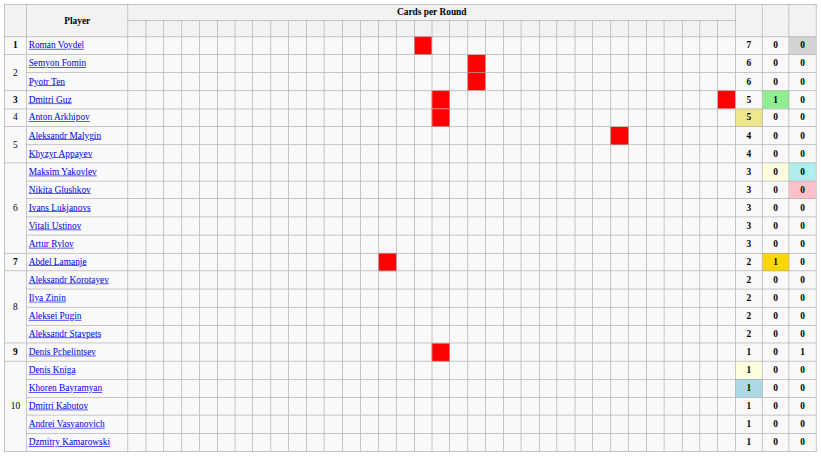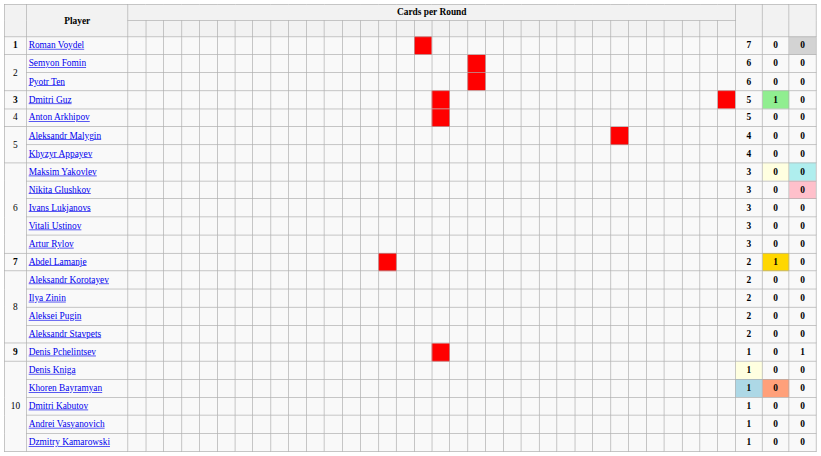 <table class="wikitable" style="text-align:center; line-height: 90%; font-size:90%;">
 <tr>
 <th rowspan=2 width=30></th>
 <th rowspan=2 width=165>Player</th>
 <th colspan=34 height=18>Cards per Round</th>
 <th rowspan=2 width=40></th>
 <th rowspan=2 width=40></th>
 <th rowspan=2 width=40></th>
 </tr>
 <tr>
 <th width=25 height=18></th>
 <th width=25></th>
 <th width=25></th>
 <th width=25></th>
 <th width=25></th>
 <th width=25></th>
 <th width=25></th>
 <th width=25></th>
 <th width=25></th>
 <th width=25></th>
 <th width=25></th>
 <th width=25></th>
 <th width=26></th>
 <th width=25></th>
 <th width=25></th>
 <th width=25></th>
 <th width=25></th>
 <th width=25></th>
 <th width=25></th>
 <th width=25></th>
 <th width=25></th>
 <th width=25></th>
 <th width=25></th>
 <th width=25></th>
 <th width=25></th>
 <th width=25></th>
 <th width=25></th>
 <th width=25></th>
 <th width=25></th>
 <th width=25></th>
 <th width=25></th>
 <th width=25></th>
 <th width=25></th>
 <th width=25></th>
 </tr>
 <tr>
 <td><strong>1</strong></td>
 <td align=left height=21> <a href='#'>Roman Voydel</a></td>
 <td></td>
 <td></td>
 <td></td>
 <td></td>
 <td></td>
 <td></td>
 <td></td>
 <td></td>
 <td></td>
 <td></td>
 <td></td>
 <td></td>
 <td></td>
 <td></td>
 <td></td>
 <td></td>
 <td bgcolor=#FF0000></td>
 <td></td>
 <td></td>
 <td></td>
 <td></td>
 <td></td>
 <td></td>
 <td></td>
 <td></td>
 <td></td>
 <td></td>
 <td></td>
 <td></td>
 <td></td>
 <td></td>
 <td></td>
 <td></td>
 <td></td>
 <td><strong>7</strong></td>
 <td><strong>0</strong></td>
 <td style="background: lightgrey;"><strong>0</strong></td>
 </tr>
 <tr>
 <td rowspan=2>2</td>
 <td align=left height=21> <a href='#'>Semyon Fomin</a></td>
 <td></td>
 <td></td>
 <td></td>
 <td></td>
 <td></td>
 <td></td>
 <td></td>
 <td></td>
 <td></td>
 <td></td>
 <td></td>
 <td></td>
 <td></td>
 <td></td>
 <td></td>
 <td></td>
 <td></td>
 <td></td>
 <td></td>
 <td bgcolor=#FF0000></td>
 <td></td>
 <td></td>
 <td></td>
 <td></td>
 <td></td>
 <td></td>
 <td></td>
 <td></td>
 <td></td>
 <td></td>
 <td></td>
 <td></td>
 <td></td>
 <td></td>
 <td><strong>6</strong></td>
 <td><strong>0</strong></td>
 <td><strong>0</strong></td>
 </tr>
 <tr>
 <td align=left height=21> <a href='#'>Pyotr Ten</a></td>
 <td></td>
 <td></td>
 <td></td>
 <td></td>
 <td></td>
 <td></td>
 <td></td>
 <td></td>
 <td></td>
 <td></td>
 <td></td>
 <td></td>
 <td></td>
 <td></td>
 <td></td>
 <td></td>
 <td></td>
 <td></td>
 <td></td>
 <td bgcolor=#FF0000></td>
 <td></td>
 <td></td>
 <td></td>
 <td></td>
 <td></td>
 <td></td>
 <td></td>
 <td></td>
 <td></td>
 <td></td>
 <td></td>
 <td></td>
 <td></td>
 <td></td>
 <td><strong>6</strong></td>
 <td><strong>0</strong></td>
 <td><strong>0</strong></td>
 </tr>
 <tr>
 <td><strong>3</strong></td>
 <td align=left height=21> <a href='#'>Dmitri Guz</a></td>
 <td></td>
 <td></td>
 <td></td>
 <td></td>
 <td></td>
 <td></td>
 <td></td>
 <td></td>
 <td></td>
 <td></td>
 <td></td>
 <td></td>
 <td></td>
 <td></td>
 <td></td>
 <td></td>
 <td></td>
 <td bgcolor=#FF0000></td>
 <td></td>
 <td></td>
 <td></td>
 <td></td>
 <td></td>
 <td></td>
 <td></td>
 <td></td>
 <td></td>
 <td></td>
 <td></td>
 <td></td>
 <td></td>
 <td></td>
 <td></td>
 <td bgcolor=#FF0000></td>
 <td><strong>5</strong></td>
 <td style="background: lightgreen;"><strong>1</strong></td>
 <td><strong>0</strong></td>
 </tr>
 <tr>
 <td>4</td>
 <td align=left height=21> <a href='#'>Anton Arkhipov</a></td>
 <td></td>
 <td></td>
 <td></td>
 <td></td>
 <td></td>
 <td></td>
 <td></td>
 <td></td>
 <td></td>
 <td></td>
 <td></td>
 <td></td>
 <td></td>
 <td></td>
 <td></td>
 <td></td>
 <td></td>
 <td bgcolor=#FF0000></td>
 <td></td>
 <td></td>
 <td></td>
 <td></td>
 <td></td>
 <td></td>
 <td></td>
 <td></td>
 <td></td>
 <td></td>
 <td></td>
 <td></td>
 <td></td>
 <td></td>
 <td></td>
 <td></td>
-<td style="background: khaki;"><strong>5</strong></td>
+<td><strong>5</strong></td>
 <td><strong>0</strong></td>
 <td><strong>0</strong></td>
 </tr>
 <tr>
 <td rowspan=2>5</td>
 <td align=left height=21> <a href='#'>Aleksandr Malygin</a></td>
 <td></td>
 <td></td>
 <td></td>
 <td></td>
 <td></td>
 <td></td>
 <td></td>
 <td></td>
 <td></td>
 <td></td>
 <td></td>
 <td></td>
 <td></td>
 <td></td>
 <td></td>
 <td></td>
 <td></td>
 <td></td>
 <td></td>
 <td></td>
 <td></td>
 <td></td>
 <td></td>
 <td></td>
 <td></td>
 <td></td>
 <td></td>
 <td bgcolor=#FF0000></td>
 <td></td>
 <td></td>
 <td></td>
 <td></td>
 <td></td>
 <td></td>
 <td><strong>4</strong></td>
 <td><strong>0</strong></td>
 <td><strong>0</strong></td>
 </tr>
 <tr>
 <td align=left height=21> <a href='#'>Khyzyr Appayev</a></td>
 <td></td>
 <td></td>
 <td></td>
 <td></td>
 <td></td>
 <td></td>
 <td></td>
 <td></td>
 <td></td>
 <td></td>
 <td></td>
 <td></td>
 <td></td>
 <td></td>
 <td></td>
 <td></td>
 <td></td>
 <td></td>
 <td></td>
 <td></td>
 <td></td>
 <td></td>
 <td></td>
 <td></td>
 <td></td>
 <td></td>
 <td></td>
 <td></td>
 <td></td>
 <td></td>
 <td></td>
 <td></td>
 <td></td>
 <td></td>
 <td><strong>4</strong></td>
 <td><strong>0</strong></td>
 <td><strong>0</strong></td>
 </tr>
 <tr>
 <td rowspan=5>6</td>
 <td align=left height=21> <a href='#'>Maksim Yakovlev</a></td>
 <td></td>
 <td></td>
 <td></td>
 <td></td>
 <td></td>
 <td></td>
 <td></td>
 <td></td>
 <td></td>
 <td></td>
 <td></td>
 <td></td>
 <td></td>
 <td></td>
 <td></td>
 <td></td>
 <td></td>
 <td></td>
 <td></td>
 <td></td>
 <td></td>
 <td></td>
 <td></td>
 <td></td>
 <td></td>
 <td></td>
 <td></td>
 <td></td>
 <td></td>
 <td></td>
 <td></td>
 <td></td>
 <td></td>
 <td></td>
 <td><strong>3</strong></td>
 <td style="background: lightyellow;"><strong>0</strong></td>
 <td style="background: paleturquoise;"><strong>0</strong></td>
 </tr>
 <tr>
 <td align=left height=21> <a href='#'>Nikita Glushkov</a></td>
 <td></td>
 <td></td>
 <td></td>
 <td></td>
 <td></td>
 <td></td>
 <td></td>
 <td></td>
 <td></td>
 <td></td>
 <td></td>
 <td></td>
 <td></td>
 <td></td>
 <td></td>
 <td></td>
 <td></td>
 <td></td>
 <td></td>
 <td></td>
 <td></td>
 <td></td>
 <td></td>
 <td></td>
 <td></td>
 <td></td>
 <td></td>
 <td></td>
 <td></td>
 <td></td>
 <td></td>
 <td></td>
 <td></td>
 <td></td>
 <td><strong>3</strong></td>
 <td><strong>0</strong></td>
 <td style="background: pink;"><strong>0</strong></td>
 </tr>
 <tr>
 <td align=left height=21> <a href='#'>Ivans Lukjanovs</a></td>
 <td></td>
 <td></td>
 <td></td>
 <td></td>
 <td></td>
 <td></td>
 <td></td>
 <td></td>
 <td></td>
 <td></td>
 <td></td>
 <td></td>
 <td></td>
 <td></td>
 <td></td>
 <td></td>
 <td></td>
 <td></td>
 <td></td>
 <td></td>
 <td></td>
 <td></td>
 <td></td>
 <td></td>
 <td></td>
 <td></td>
 <td></td>
 <td></td>
 <td></td>
 <td></td>
 <td></td>
 <td></td>
 <td></td>
 <td></td>
 <td><strong>3</strong></td>
 <td><strong>0</strong></td>
 <td><strong>0</strong></td>
 </tr>
 <tr>
 <td align=left height=21> <a href='#'>Vitali Ustinov</a></td>
 <td></td>
 <td></td>
 <td></td>
 <td></td>
 <td></td>
 <td></td>
 <td></td>
 <td></td>
 <td></td>
 <td></td>
 <td></td>
 <td></td>
 <td></td>
 <td></td>
 <td></td>
 <td></td>
 <td></td>
 <td></td>
 <td></td>
 <td></td>
 <td></td>
 <td></td>
 <td></td>
 <td></td>
 <td></td>
 <td></td>
 <td></td>
 <td></td>
 <td></td>
 <td></td>
 <td></td>
 <td></td>
 <td></td>
 <td></td>
 <td><strong>3</strong></td>
 <td><strong>0</strong></td>
 <td><strong>0</strong></td>
 </tr>
 <tr>
 <td align=left height=21> <a href='#'>Artur Rylov</a></td>
 <td></td>
 <td></td>
 <td></td>
 <td></td>
 <td></td>
 <td></td>
 <td></td>
 <td></td>
 <td></td>
 <td></td>
 <td></td>
 <td></td>
 <td></td>
 <td></td>
 <td></td>
 <td></td>
 <td></td>
 <td></td>
 <td></td>
 <td></td>
 <td></td>
 <td></td>
 <td></td>
 <td></td>
 <td></td>
 <td></td>
 <td></td>
 <td></td>
 <td></td>
 <td></td>
 <td></td>
 <td></td>
 <td></td>
 <td></td>
 <td><strong>3</strong></td>
 <td><strong>0</strong></td>
 <td><strong>0</strong></td>
 </tr>
 <tr>
 <td><strong>7</strong></td>
 <td align=left height=21> <a href='#'>Abdel Lamanje</a></td>
 <td></td>
 <td></td>
 <td></td>
 <td></td>
 <td></td>
 <td></td>
 <td></td>
 <td></td>
 <td></td>
 <td></td>
 <td></td>
 <td></td>
 <td></td>
 <td></td>
 <td bgcolor=#FF0000></td>
 <td></td>
 <td></td>
 <td></td>
 <td></td>
 <td></td>
 <td></td>
 <td></td>
 <td></td>
 <td></td>
 <td></td>
 <td></td>
 <td></td>
 <td></td>
 <td></td>
 <td></td>
 <td></td>
 <td></td>
 <td></td>
 <td></td>
 <td><strong>2</strong></td>
 <td style="background: gold;"><strong>1</strong></td>
 <td><strong>0</strong></td>
 </tr>
 <tr>
 <td rowspan=4>8</td>
 <td align=left height=21> <a href='#'>Aleksandr Korotayev</a></td>
 <td></td>
 <td></td>
 <td></td>
 <td></td>
 <td></td>
 <td></td>
 <td></td>
 <td></td>
 <td></td>
 <td></td>
 <td></td>
 <td></td>
 <td></td>
 <td></td>
 <td></td>
 <td></td>
 <td></td>
 <td></td>
 <td></td>
 <td></td>
 <td></td>
 <td></td>
 <td></td>
 <td></td>
 <td></td>
 <td></td>
 <td></td>
 <td></td>
 <td></td>
 <td></td>
 <td></td>
 <td></td>
 <td></td>
 <td></td>
 <td><strong>2</strong></td>
 <td><strong>0</strong></td>
 <td><strong>0</strong></td>
 </tr>
 <tr>
 <td align=left height=21> <a href='#'>Ilya Zinin</a></td>
 <td></td>
 <td></td>
 <td></td>
 <td></td>
 <td></td>
 <td></td>
 <td></td>
 <td></td>
 <td></td>
 <td></td>
 <td></td>
 <td></td>
 <td></td>
 <td></td>
 <td></td>
 <td></td>
 <td></td>
 <td></td>
 <td></td>
 <td></td>
 <td></td>
 <td></td>
 <td></td>
 <td></td>
 <td></td>
 <td></td>
 <td></td>
 <td></td>
 <td></td>
 <td></td>
 <td></td>
 <td></td>
 <td></td>
 <td></td>
 <td><strong>2</strong></td>
 <td><strong>0</strong></td>
 <td><strong>0</strong></td>
 </tr>
 <tr>
 <td align=left height=21> <a href='#'>Aleksei Pugin</a></td>
 <td></td>
 <td></td>
 <td></td>
 <td></td>
 <td></td>
 <td></td>
 <td></td>
 <td></td>
 <td></td>
 <td></td>
 <td></td>
 <td></td>
 <td></td>
 <td></td>
 <td></td>
 <td></td>
 <td></td>
 <td></td>
 <td></td>
 <td></td>
 <td></td>
 <td></td>
 <td></td>
 <td></td>
 <td></td>
 <td></td>
 <td></td>
 <td></td>
 <td></td>
 <td></td>
 <td></td>
 <td></td>
 <td></td>
 <td></td>
 <td><strong>2</strong></td>
 <td><strong>0</strong></td>
 <td><strong>0</strong></td>
 </tr>
 <tr>
 <td align=left height=21> <a href='#'>Aleksandr Stavpets</a></td>
 <td></td>
 <td></td>
 <td></td>
 <td></td>
 <td></td>
 <td></td>
 <td></td>
 <td></td>
 <td></td>
 <td></td>
 <td></td>
 <td></td>
 <td></td>
 <td></td>
 <td></td>
 <td></td>
 <td></td>
 <td></td>
 <td></td>
 <td></td>
 <td></td>
 <td></td>
 <td></td>
 <td></td>
 <td></td>
 <td></td>
 <td></td>
 <td></td>
 <td></td>
 <td></td>
 <td></td>
 <td></td>
 <td></td>
 <td></td>
 <td><strong>2</strong></td>
 <td><strong>0</strong></td>
 <td><strong>0</strong></td>
 </tr>
 <tr>
 <td><strong>9</strong></td>
 <td align=left height=21> <a href='#'>Denis Pchelintsev</a></td>
 <td></td>
 <td></td>
 <td></td>
 <td></td>
 <td></td>
 <td></td>
 <td></td>
 <td></td>
 <td></td>
 <td></td>
 <td></td>
 <td></td>
 <td></td>
 <td></td>
 <td></td>
 <td></td>
 <td></td>
 <td bgcolor=#FF0000></td>
 <td></td>
 <td></td>
 <td></td>
 <td></td>
 <td></td>
 <td></td>
 <td></td>
 <td></td>
 <td></td>
 <td></td>
 <td></td>
 <td></td>
 <td></td>
 <td></td>
 <td></td>
 <td></td>
 <td><strong>1</strong></td>
 <td><strong>0</strong></td>
 <td><strong>1</strong></td>
 </tr>
 <tr>
 <td rowspan=5>10</td>
 <td align=left height=21> <a href='#'>Denis Kniga</a></td>
 <td></td>
 <td></td>
 <td></td>
 <td></td>
 <td></td>
 <td></td>
 <td></td>
 <td></td>
 <td></td>
 <td></td>
 <td></td>
 <td></td>
 <td></td>
 <td></td>
 <td></td>
 <td></td>
 <td></td>
 <td></td>
 <td></td>
 <td></td>
 <td></td>
 <td></td>
 <td></td>
 <td></td>
 <td></td>
 <td></td>
 <td></td>
 <td></td>
 <td></td>
 <td></td>
 <td></td>
 <td></td>
 <td></td>
 <td></td>
 <td style="background: lightyellow;"><strong>1</strong></td>
 <td><strong>0</strong></td>
 <td><strong>0</strong></td>
 </tr>
 <tr>
 <td align=left height=21> <a href='#'>Khoren Bayramyan</a></td>
 <td></td>
 <td></td>
 <td></td>
 <td></td>
 <td></td>
 <td></td>
 <td></td>
 <td></td>
 <td></td>
 <td></td>
 <td></td>
 <td></td>
 <td></td>
 <td></td>
 <td></td>
 <td></td>
 <td></td>
 <td></td>
 <td></td>
 <td></td>
 <td></td>
 <td></td>
 <td></td>
 <td></td>
 <td></td>
 <td></td>
 <td></td>
 <td></td>
 <td></td>
 <td></td>
 <td></td>
 <td></td>
 <td></td>
 <td></td>
 <td style="background: lightblue;"><strong>1</strong></td>
-<td><strong>0</strong></td>
+<td style="background: lightsalmon;"><strong>0</strong></td>
 <td><strong>0</strong></td>
 </tr>
 <tr>
 <td align=left height=21> <a href='#'>Dmitri Kabutov</a></td>
 <td></td>
 <td></td>
 <td></td>
 <td></td>
 <td></td>
 <td></td>
 <td></td>
 <td></td>
 <td></td>
 <td></td>
 <td></td>
 <td></td>
 <td></td>
 <td></td>
 <td></td>
 <td></td>
 <td></td>
 <td></td>
 <td></td>
 <td></td>
 <td></td>
 <td></td>
 <td></td>
 <td></td>
 <td></td>
 <td></td>
 <td></td>
 <td></td>
 <td></td>
 <td></td>
 <td></td>
 <td></td>
 <td></td>
 <td></td>
 <td><strong>1</strong></td>
 <td><strong>0</strong></td>
 <td><strong>0</strong></td>
 </tr>
 <tr>
 <td align=left height=21> <a href='#'>Andrei Vasyanovich</a></td>
 <td></td>
 <td></td>
 <td></td>
 <td></td>
 <td></td>
 <td></td>
 <td></td>
 <td></td>
 <td></td>
 <td></td>
 <td></td>
 <td></td>
 <td></td>
 <td></td>
 <td></td>
 <td></td>
 <td></td>
 <td></td>
 <td></td>
 <td></td>
 <td></td>
 <td></td>
 <td></td>
 <td></td>
 <td></td>
 <td></td>
 <td></td>
 <td></td>
 <td></td>
 <td></td>
 <td></td>
 <td></td>
 <td></td>
 <td></td>
 <td><strong>1</strong></td>
 <td><strong>0</strong></td>
 <td><strong>0</strong></td>
 </tr>
 <tr>
 <td align=left height=21> <a href='#'>Dzmitry Kamarowski</a></td>
 <td></td>
 <td></td>
 <td></td>
 <td></td>
 <td></td>
 <td></td>
 <td></td>
 <td></td>
 <td></td>
 <td></td>
 <td></td>
 <td></td>
 <td></td>
 <td></td>
 <td></td>
 <td></td>
 <td></td>
 <td></td>
 <td></td>
 <td></td>
 <td></td>
 <td></td>
 <td></td>
 <td></td>
 <td></td>
 <td></td>
 <td></td>
 <td></td>
 <td></td>
 <td></td>
 <td></td>
 <td></td>
 <td></td>
 <td></td>
 <td><strong>1</strong></td>
 <td><strong>0</strong></td>
 <td><strong>0</strong></td>
 </tr>
 </table>
